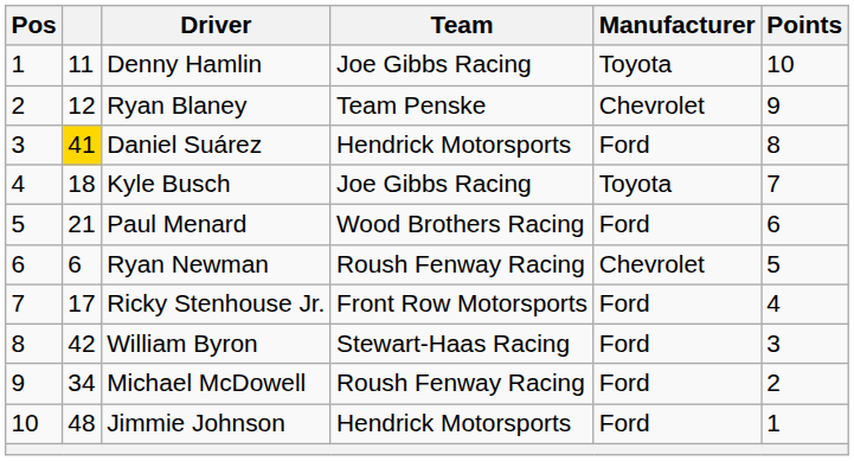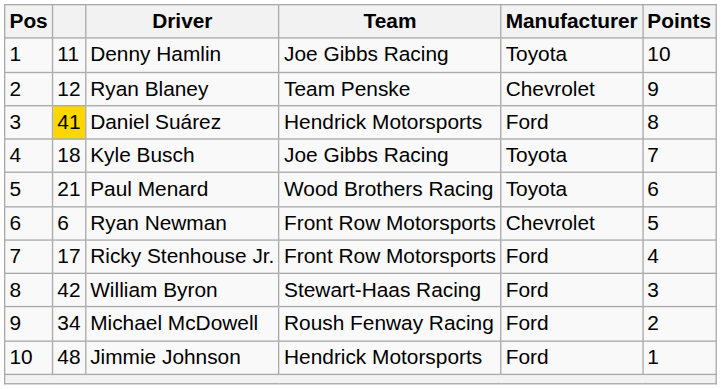 <table class="wikitable" style="font-size:98%">
 <tr>
 <th>Pos</th>
 <th></th>
 <th>Driver</th>
 <th>Team</th>
 <th>Manufacturer</th>
 <th>Points</th>
 </tr>
 <tr>
 <td>1</td>
 <td>11</td>
 <td>Denny Hamlin</td>
 <td>Joe Gibbs Racing</td>
 <td>Toyota</td>
 <td>10</td>
 </tr>
 <tr>
 <td>2</td>
 <td>12</td>
 <td>Ryan Blaney</td>
 <td>Team Penske</td>
 <td>Chevrolet</td>
 <td>9</td>
 </tr>
 <tr>
 <td>3</td>
 <td style="background: gold;">41</td>
 <td>Daniel Suárez</td>
 <td>Hendrick Motorsports</td>
 <td>Ford</td>
 <td>8</td>
 </tr>
 <tr>
 <td>4</td>
 <td>18</td>
 <td>Kyle Busch</td>
 <td>Joe Gibbs Racing</td>
 <td>Toyota</td>
 <td>7</td>
 </tr>
 <tr>
 <td>5</td>
 <td>21</td>
 <td>Paul Menard</td>
 <td>Wood Brothers Racing</td>
-<td>Ford</td>
+<td>Toyota</td>
 <td>6</td>
 </tr>
 <tr>
 <td>6</td>
 <td>6</td>
 <td>Ryan Newman</td>
-<td>Roush Fenway Racing</td>
+<td>Front Row Motorsports</td>
 <td>Chevrolet</td>
 <td>5</td>
 </tr>
 <tr>
 <td>7</td>
 <td>17</td>
 <td>Ricky Stenhouse Jr.</td>
 <td>Front Row Motorsports</td>
 <td>Ford</td>
 <td>4</td>
 </tr>
 <tr>
 <td>8</td>
 <td>42</td>
 <td>William Byron</td>
 <td>Stewart-Haas Racing</td>
 <td>Ford</td>
 <td>3</td>
 </tr>
 <tr>
 <td>9</td>
 <td>34</td>
 <td>Michael McDowell</td>
 <td>Roush Fenway Racing</td>
 <td>Ford</td>
 <td>2</td>
 </tr>
 <tr>
 <td>10</td>
 <td>48</td>
 <td>Jimmie Johnson</td>
 <td>Hendrick Motorsports</td>
 <td>Ford</td>
 <td>1</td>
 </tr>
 <tr>
 <th colspan="6"></th>
 </tr>
 </table>
